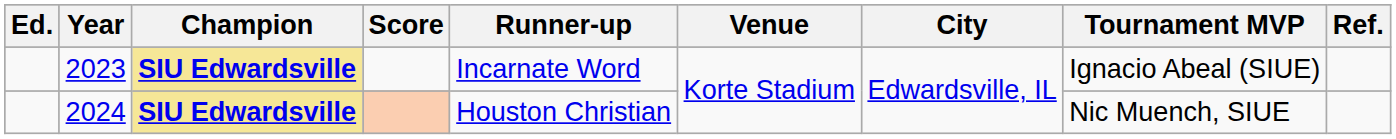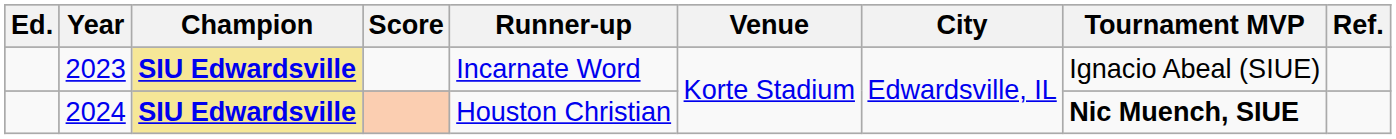 <table class="wikitable sortable; style= font-size: %">
 <tr>
 <th width=px>Ed.</th>
 <th width=px>Year</th>
 <th width=px>Champion</th>
 <th width=px>Score</th>
 <th width=px>Runner-up</th>
 <th width=px>Venue</th>
 <th width=px>City</th>
 <th width=px>Tournament MVP</th>
 <th width=px>Ref.</th>
 </tr>
 <tr>
 <td></td>
 <td><a href='#'>2023</a></td>
 <td bgcolor=#F6E797><strong><a href='#'>SIU Edwardsville</a></strong> </td>
 <td></td>
 <td><a href='#'>Incarnate Word</a></td>
 <td rowspan=2><a href='#'>Korte Stadium</a></td>
 <td rowspan=2><a href='#'>Edwardsville, IL</a></td>
 <td>Ignacio Abeal (SIUE)</td>
 <td></td>
 </tr>
 <tr>
 <td></td>
 <td><a href='#'>2024</a></td>
 <td bgcolor=#F6E797><strong><a href='#'>SIU Edwardsville</a></strong> </td>
 <td bgcolor=#FBCEB1></td>
 <td><a href='#'>Houston Christian</a></td>
-<td>Nic Muench, SIUE</td>
+<td><strong>Nic Muench, SIUE</strong></td>
 <td></td>
 </tr>
 </table>
